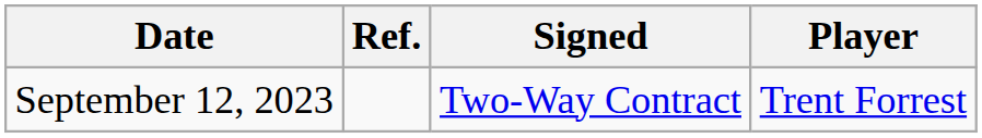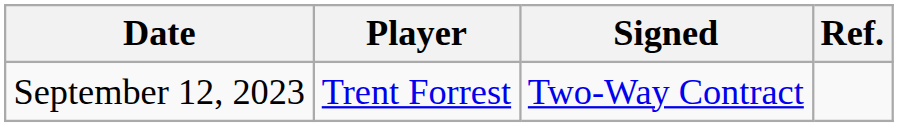 <table class="wikitable sortable sortable" style="text-align: center;">
 <tr>
 <th>Date</th>
+<th>Player</th>
+<th>Signed</th>
 <th>Ref.</th>
-<th>Signed</th>
-<th>Player</th>
 </tr>
 <tr>
 <td>September 12, 2023</td>
+<td><a href='#'>Trent Forrest</a></td>
+<td><a href='#'>Two-Way Contract</a></td>
 <td></td>
-<td><a href='#'>Two-Way Contract</a></td>
-<td><a href='#'>Trent Forrest</a></td>
 </tr>
 </table>
